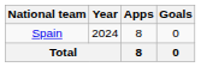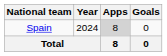 <table class="wikitable" style="text-align:center">
 <tr>
 <th>National team</th>
 <th>Year</th>
 <th>Apps</th>
 <th>Goals</th>
 </tr>
 <tr>
 <td><a href='#'>Spain</a></td>
 <td>2024</td>
-<td>8</td>
+<td style="background: lightgrey;">8</td>
 <td>0</td>
 </tr>
 <tr>
 <th colspan="2">Total</th>
 <th>8</th>
 <th>0</th>
 </tr>
 </table>
